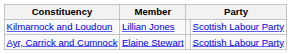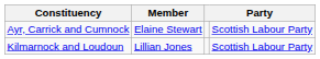 <table class="wikitable" style="font-size: 95%;">
 <tr>
 <th>Constituency</th>
 <th>Member</th>
 <th colspan=2>Party</th>
 </tr>
 <tr>
+<td><a href='#'>Ayr, Carrick and Cumnock</a></td>
+<td><a href='#'>Elaine Stewart</a></td>
+<td style="background-color: "></td>
+<td><a href='#'>Scottish Labour Party</a></td>
+</tr>
+<tr>
 <td><a href='#'>Kilmarnock and Loudoun</a></td>
 <td><a href='#'>Lillian Jones</a></td>
 <td style="background-color: "></td>
 <td><a href='#'>Scottish Labour Party</a></td>
 </tr>
-<tr>
-<td><a href='#'>Ayr, Carrick and Cumnock</a></td>
-<td><a href='#'>Elaine Stewart</a></td>
-<td style="background-color: "></td>
-<td><a href='#'>Scottish Labour Party</a></td>
-</tr>
 </table>
